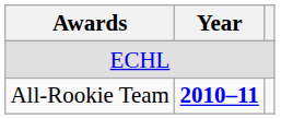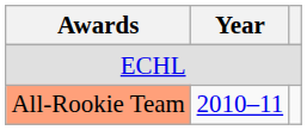 <table class="wikitable">
 <tr>
 <th>Awards</th>
 <th>Year</th>
 <th></th>
 </tr>
 <tr>
 </tr>
 <tr ALIGN="center" bgcolor="#e0e0e0">
 <td colspan="3"><a href='#'>ECHL</a></td>
 </tr>
 <tr>
-<td>All-Rookie Team</td>
-<td><strong><a href='#'>2010–11</a></strong></td>
+<td style="background: lightsalmon;">All-Rookie Team</td>
+<td><a href='#'>2010–11</a></td>
 <td></td>
 </tr>
 </table>
